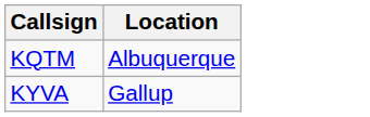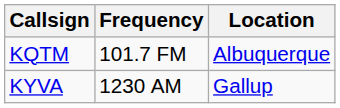 <table class="wikitable">
 <tr>
 <th>Callsign</th>
+<th>Frequency</th>
 <th>Location</th>
 </tr>
 <tr>
 <td><a href='#'>KQTM</a></td>
+<td>101.7 FM</td>
 <td><a href='#'>Albuquerque</a></td>
 </tr>
 <tr>
 <td><a href='#'>KYVA</a></td>
+<td>1230 AM</td>
 <td><a href='#'>Gallup</a></td>
 </tr>
 </table>
